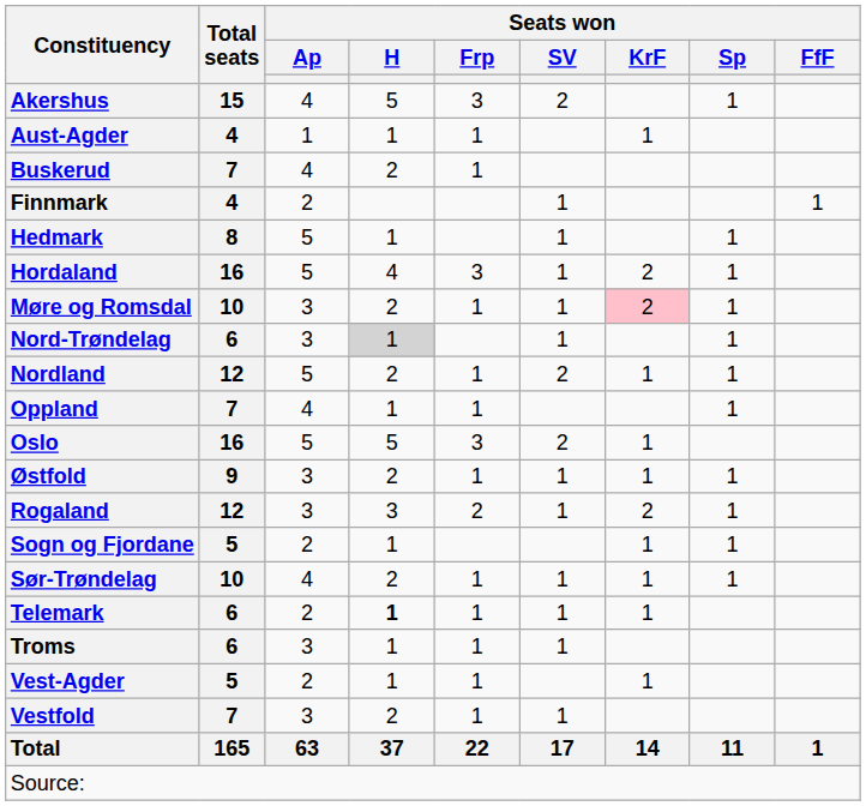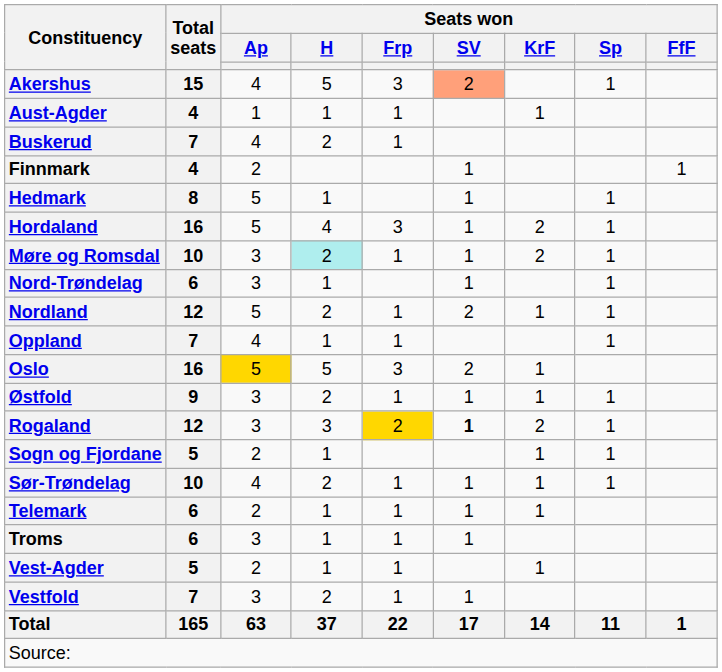 <table class="wikitable" style="text-align:center; font-size: 0.9em;">
 <tr>
 <th rowspan="3">Constituency</th>
 <th rowspan="3">Total<br>seats</th>
 <th colspan="7">Seats won</th>
 </tr>
 <tr>
 <th class="unsortable" style="width:50px;"><a href='#'>Ap</a></th>
 <th class="unsortable" style="width:50px;"><a href='#'>H</a></th>
 <th class="unsortable" style="width:50px;"><a href='#'>Frp</a></th>
 <th class="unsortable" style="width:50px;"><a href='#'>SV</a></th>
 <th class="unsortable" style="width:50px;"><a href='#'>KrF</a></th>
 <th class="unsortable" style="width:50px;"><a href='#'>Sp</a></th>
 <th class="unsortable" style="width:50px;"><a href='#'>FfF</a></th>
 </tr>
 <tr>
 <th style="background:"></th>
 <th style="background:"></th>
 <th style="background:"></th>
 <th style="background:"></th>
 <th style="background:"></th>
 <th style="background:"></th>
 <th style="background:"></th>
 </tr>
 <tr>
 <th style="text-align: left;"><a href='#'>Akershus</a></th>
 <th>15</th>
 <td>4</td>
 <td>5</td>
 <td>3</td>
-<td>2</td>
+<td style="background: lightsalmon;">2</td>
 <td></td>
 <td>1</td>
 <td></td>
 </tr>
 <tr>
 <th style="text-align: left;"><a href='#'>Aust-Agder</a></th>
 <th>4</th>
 <td>1</td>
 <td>1</td>
 <td>1</td>
 <td></td>
 <td>1</td>
 <td></td>
 <td></td>
 </tr>
 <tr>
 <th style="text-align: left;"><a href='#'>Buskerud</a></th>
 <th>7</th>
 <td>4</td>
 <td>2</td>
 <td>1</td>
 <td></td>
 <td></td>
 <td></td>
 <td></td>
 </tr>
 <tr>
 <th style="text-align: left;">Finnmark</th>
 <th>4</th>
 <td>2</td>
 <td></td>
 <td></td>
 <td>1</td>
 <td></td>
 <td></td>
 <td>1</td>
 </tr>
 <tr>
 <th style="text-align: left;"><a href='#'>Hedmark</a></th>
 <th>8</th>
 <td>5</td>
 <td>1</td>
 <td></td>
 <td>1</td>
 <td></td>
 <td>1</td>
 <td></td>
 </tr>
 <tr>
 <th style="text-align: left;"><a href='#'>Hordaland</a></th>
 <th>16</th>
 <td>5</td>
 <td>4</td>
 <td>3</td>
 <td>1</td>
 <td>2</td>
 <td>1</td>
 <td></td>
 </tr>
 <tr>
 <th style="text-align: left;"><a href='#'>Møre og Romsdal</a></th>
 <th>10</th>
 <td>3</td>
-<td>2</td>
+<td style="background: paleturquoise;">2</td>
 <td>1</td>
 <td>1</td>
-<td style="background: pink;">2</td>
+<td>2</td>
 <td>1</td>
 <td></td>
 </tr>
 <tr>
 <th style="text-align: left;"><a href='#'>Nord-Trøndelag</a></th>
 <th>6</th>
 <td>3</td>
-<td style="background: lightgrey;">1</td>
+<td>1</td>
 <td></td>
 <td>1</td>
 <td></td>
 <td>1</td>
 <td></td>
 </tr>
 <tr>
 <th style="text-align: left;"><a href='#'>Nordland</a></th>
 <th>12</th>
 <td>5</td>
 <td>2</td>
 <td>1</td>
 <td>2</td>
 <td>1</td>
 <td>1</td>
 <td></td>
 </tr>
 <tr>
 <th style="text-align: left;"><a href='#'>Oppland</a></th>
 <th>7</th>
 <td>4</td>
 <td>1</td>
 <td>1</td>
 <td></td>
 <td></td>
 <td>1</td>
 <td></td>
 </tr>
 <tr>
 <th style="text-align: left;"><a href='#'>Oslo</a></th>
 <th>16</th>
-<td>5</td>
+<td style="background: gold;">5</td>
 <td>5</td>
 <td>3</td>
 <td>2</td>
 <td>1</td>
 <td></td>
 <td></td>
 </tr>
 <tr>
 <th style="text-align: left;"><a href='#'>Østfold</a></th>
 <th>9</th>
 <td>3</td>
 <td>2</td>
 <td>1</td>
 <td>1</td>
 <td>1</td>
 <td>1</td>
 <td></td>
 </tr>
 <tr>
 <th style="text-align: left;"><a href='#'>Rogaland</a></th>
 <th>12</th>
 <td>3</td>
 <td>3</td>
-<td>2</td>
-<td>1</td>
+<td style="background: gold;">2</td>
+<td><strong>1</strong></td>
 <td>2</td>
 <td>1</td>
 <td></td>
 </tr>
 <tr>
 <th style="text-align: left;"><a href='#'>Sogn og Fjordane</a></th>
 <th>5</th>
 <td>2</td>
 <td>1</td>
 <td></td>
 <td></td>
 <td>1</td>
 <td>1</td>
 <td></td>
 </tr>
 <tr>
 <th style="text-align: left;"><a href='#'>Sør-Trøndelag</a></th>
 <th>10</th>
 <td>4</td>
 <td>2</td>
 <td>1</td>
 <td>1</td>
 <td>1</td>
 <td>1</td>
 <td></td>
 </tr>
 <tr>
 <th style="text-align: left;"><a href='#'>Telemark</a></th>
 <th>6</th>
 <td>2</td>
-<td><strong>1</strong></td>
+<td>1</td>
 <td>1</td>
 <td>1</td>
 <td>1</td>
 <td></td>
 <td></td>
 </tr>
 <tr>
 <th style="text-align: left;">Troms</th>
 <th>6</th>
 <td>3</td>
 <td>1</td>
 <td>1</td>
 <td>1</td>
 <td></td>
 <td></td>
 <td></td>
 </tr>
 <tr>
 <th style="text-align: left;"><a href='#'>Vest-Agder</a></th>
 <th>5</th>
 <td>2</td>
 <td>1</td>
 <td>1</td>
 <td></td>
 <td>1</td>
 <td></td>
 <td></td>
 </tr>
 <tr>
 <th style="text-align: left;"><a href='#'>Vestfold</a></th>
 <th>7</th>
 <td>3</td>
 <td>2</td>
 <td>1</td>
 <td>1</td>
 <td></td>
 <td></td>
 <td></td>
 </tr>
 <tr>
 <th style="text-align: left;">Total</th>
 <th>165</th>
 <th>63</th>
 <th>37</th>
 <th>22</th>
 <th>17</th>
 <th>14</th>
 <th>11</th>
 <th>1</th>
 </tr>
 <tr>
 <td align=left colspan="9">Source: </td>
 </tr>
 </table>
